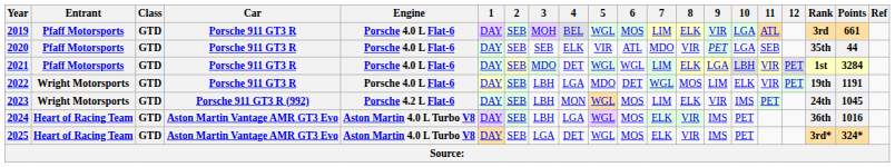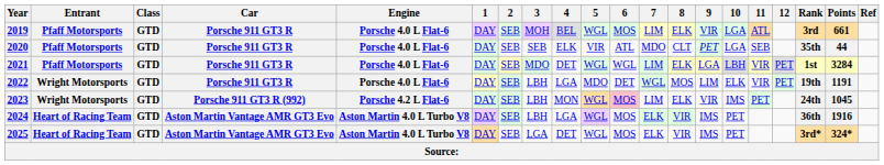 <table class="wikitable" style="text-align:center; font-size:90%">
 <tr>
 <th>Year</th>
 <th>Entrant</th>
 <th>Class</th>
 <th>Car</th>
 <th>Engine</th>
 <th>1</th>
 <th>2</th>
 <th>3</th>
 <th>4</th>
 <th>5</th>
 <th>6</th>
 <th>7</th>
 <th>8</th>
 <th>9</th>
 <th>10</th>
 <th>11</th>
 <th>12</th>
 <th>Rank</th>
 <th>Points</th>
 <th>Ref</th>
 </tr>
 <tr>
 <th><a href='#'>2019</a></th>
 <th><a href='#'>Pfaff Motorsports</a></th>
 <th>GTD</th>
 <th><a href='#'>Porsche 911 GT3 R</a></th>
 <th><a href='#'>Porsche</a> 4.0 L <a href='#'>Flat-6</a></th>
 <td style="background:#efcfff;"><a href='#'>DAY</a><br></td>
 <td style="background:#dfffdf;"><a href='#'>SEB</a><br></td>
 <td style="background:#efcfff;"><a href='#'>MOH</a><br></td>
 <td style="background:#dfdfdf;"><a href='#'>BEL</a><br></td>
 <td style="background:#dfffdf;"><a href='#'>WGL</a><br></td>
 <td style="background:#dfffdf;"><a href='#'>MOS</a><br></td>
 <td style="background:#ffffbf;"><a href='#'>LIM</a><br></td>
 <td style="background:#ffffbf;"><a href='#'>ELK</a><br></td>
 <td style="background:#dfffdf;"><a href='#'>VIR</a><br></td>
 <td style="background:#dfffdf;"><a href='#'>LGA</a><br></td>
 <td style="background:#ffdf9f;"><a href='#'>ATL</a><br></td>
 <td></td>
 <th style="background:#ffdf9f;">3rd</th>
 <th style="background:#ffdf9f;">661</th>
 <td></td>
 </tr>
 <tr>
 <th><a href='#'>2020</a></th>
 <th><a href='#'>Pfaff Motorsports</a></th>
 <th>GTD</th>
 <th><a href='#'>Porsche 911 GT3 R</a></th>
 <th><a href='#'>Porsche</a> 4.0 L <a href='#'>Flat-6</a></th>
 <td style="background:#DFFFDF;"><a href='#'>DAY</a><br></td>
 <td style="background:#;"><a href='#'>SEB</a><br></td>
 <td style="background:#;"><a href='#'>SEB</a><br></td>
 <td style="background:#;"><a href='#'>ELK</a><br></td>
 <td style="background:#;"><a href='#'>VIR</a><br></td>
 <td style="background:#;"><a href='#'>ATL</a><br></td>
 <td style="background:#;"><a href='#'>MDO</a><br></td>
-<td style="background:#;"><a href='#'>VIR</a><br></td>
+<td style="background:#;"><a href='#'>CLT</a><br></td>
 <td style="background:#DFFFDF;"><em><a href='#'>PET</a></em><br></td>
 <td style="background:#;"><a href='#'>LGA</a><br></td>
 <td style="background:#;"><a href='#'>SEB</a><br></td>
 <td></td>
 <th>35th</th>
 <th>44</th>
 <td></td>
 </tr>
 <tr>
 <th><a href='#'>2021</a></th>
 <th><a href='#'>Pfaff Motorsports</a></th>
 <th>GTD</th>
 <th><a href='#'>Porsche 911 GT3 R</a></th>
 <th><a href='#'>Porsche</a> 4.0 L <a href='#'>Flat-6</a></th>
 <td style="background:#DFFFDF;"><a href='#'>DAY</a><br></td>
 <td style="background:#FFFFBF;"><a href='#'>SEB</a><br></td>
 <td style="background:#DFFFDF;"><a href='#'>MDO</a><br></td>
 <td style="background:#;"><a href='#'>DET</a><br></td>
 <td style="background:#DFFFDF;"><a href='#'>WGL</a><br></td>
 <td style="background:#;"><a href='#'>WGL</a><br></td>
 <td style="background:#DFFFDF;"><a href='#'>LIM</a><br></td>
 <td style="background:#FFFFBF;"><a href='#'>ELK</a><br></td>
 <td style="background:#FFFFBF;"><a href='#'>LGA</a><br></td>
 <td style="background:#DFDFDF;"><a href='#'>LBH</a><br></td>
 <td style="background:#FFFFBF;"><a href='#'>VIR</a><br></td>
 <td style="background:#DFDFDF;"><a href='#'>PET</a><br></td>
 <th style="background:#FFFFBF;">1st</th>
 <th style="background:#FFFFBF;">3284</th>
 <td></td>
 </tr>
 <tr>
 <th><a href='#'>2022</a></th>
 <th>Wright Motorsports</th>
 <th>GTD</th>
 <th><a href='#'>Porsche 911 GT3 R</a></th>
 <th>Porsche 4.0 L <a href='#'>Flat-6</a></th>
 <td style="background:#FFFFBF;"><a href='#'>DAY</a><br></td>
 <td style="background:#DFFFDF;"><a href='#'>SEB</a><br></td>
 <td style="background:#;”"><a href='#'>LBH</a><br></td>
 <td style="background:#;”"><a href='#'>LGA</a><br></td>
 <td style="background:#;”"><a href='#'>MDO</a><br></td>
 <td style="background:#;”"><a href='#'>DET</a><br></td>
 <td style="background:#DFFFDF;"><a href='#'>WGL</a><br></td>
 <td style="background:#;"><a href='#'>MOS</a><br></td>
 <td style="background:#;"><a href='#'>LIM</a><br></td>
 <td style="background:#;"><a href='#'>ELK</a><br></td>
 <td style="background:#;"><a href='#'>VIR</a><br></td>
 <td style="background:#DFFFDF;"><a href='#'>PET</a><br></td>
 <th>19th</th>
 <th>1191</th>
 <td></td>
 </tr>
 <tr>
 <th><a href='#'>2023</a></th>
 <th>Wright Motorsports</th>
 <th>GTD</th>
 <th><a href='#'>Porsche 911 GT3 R (992)</a></th>
 <th><a href='#'>Porsche</a> 4.2 L <a href='#'>Flat-6</a></th>
 <td style="background:#DFFFDF;"><a href='#'>DAY</a><br></td>
 <td style="background:#DFFFDF;"><a href='#'>SEB</a><br></td>
 <td><a href='#'>LBH</a><br></td>
 <td><a href='#'>MON</a><br></td>
 <td style="background:#FFDF9F;”"><a href='#'>WGL</a><br></td>
-<td><a href='#'>MOS</a><br></td>
+<td style="background: pink;"><a href='#'>MOS</a><br></td>
 <td><a href='#'>LIM</a><br></td>
 <td><a href='#'>ELK</a><br></td>
 <td><a href='#'>VIR</a><br></td>
 <td><a href='#'>IMS</a></td>
 <td style="background:#DFFFDF;"><a href='#'>PET</a><br></td>
 <td></td>
 <th>24th</th>
 <th>1045</th>
 <td></td>
 </tr>
 <tr>
 <th><a href='#'>2024</a></th>
 <th><a href='#'>Heart of Racing Team</a></th>
 <th>GTD</th>
 <th><a href='#'>Aston Martin Vantage AMR GT3 Evo</a></th>
 <th><a href='#'>Aston Martin</a> 4.0 L Turbo <a href='#'>V8</a></th>
 <td style="background:#EFCFFF;"><a href='#'>DAY</a><br></td>
 <td style="background:#DFFFDF;"><a href='#'>SEB</a><br></td>
 <td><a href='#'>LBH</a></td>
 <td><a href='#'>LGA</a></td>
 <td style="background:#EFCFFF;"><a href='#'>WGL</a><br></td>
 <td><a href='#'>MOS</a></td>
 <td style="background:#DFFFDF;"><a href='#'>ELK</a><br></td>
 <td style="background:#DFFFDF;"><a href='#'>VIR</a><br></td>
 <td><a href='#'>IMS</a></td>
 <td><a href='#'>PET</a></td>
 <td></td>
 <td></td>
 <th>36th</th>
-<th>1016</th>
+<th>1916</th>
 <td></td>
 </tr>
 <tr>
 <th><a href='#'>2025</a></th>
 <th><a href='#'>Heart of Racing Team</a></th>
 <th>GTD</th>
 <th><a href='#'>Aston Martin Vantage AMR GT3 Evo</a></th>
 <th><a href='#'>Aston Martin</a> 4.0 L Turbo <a href='#'>V8</a></th>
 <td style="background:#FFDF9F;"><a href='#'>DAY</a><br></td>
 <td style="background:#;"><a href='#'>SEB</a><br></td>
 <td style="background:#;"><a href='#'>LGA</a><br></td>
 <td style="background:#;"><a href='#'>DET</a><br></td>
 <td style="background:#;"><a href='#'>WGL</a><br></td>
 <td style="background:#;"><a href='#'>MOS</a><br></td>
 <td style="background:#;"><a href='#'>ELK</a><br></td>
 <td style="background:#;"><a href='#'>VIR</a><br></td>
 <td style="background:#;"><a href='#'>IMS</a><br></td>
 <td style="background:#;"><a href='#'>PET</a><br></td>
 <td></td>
 <td></td>
 <th style="background:#FFDF9F;">3rd*</th>
 <th style="background:#FFDF9F;">324*</th>
 <td></td>
 </tr>
 <tr>
 <th colspan="20">Source:</th>
 </tr>
 </table>
